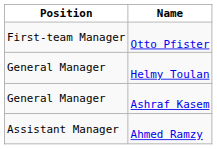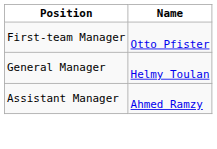 <table class="wikitable">
 <tr>
 <th style="color:black; background:#FFFFFF;">Position</th>
 <th style="color:black; background:#FFFFFF;">Name</th>
 </tr>
 <tr>
 <td>First-team Manager</td>
 <td><br> <a href='#'>Otto Pfister</a></td>
 </tr>
 <tr>
 <td>General Manager</td>
 <td><br>  <a href='#'>Helmy Toulan</a></td>
 </tr>
 <tr>
-<td>General Manager</td>
-<td><br>  <a href='#'>Ashraf Kasem</a></td>
-</tr>
-<tr>
 <td>Assistant Manager</td>
 <td><br>  <a href='#'>Ahmed Ramzy</a></td>
 </tr>
 </table>
